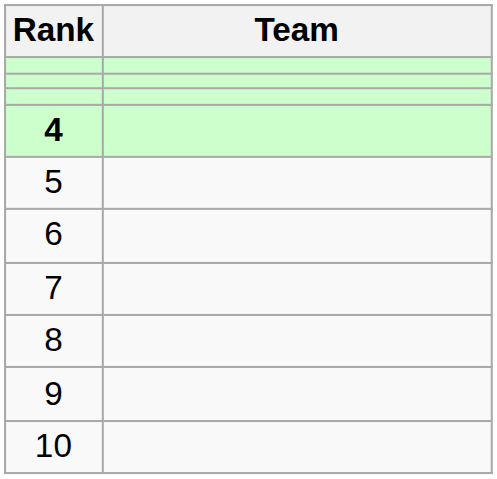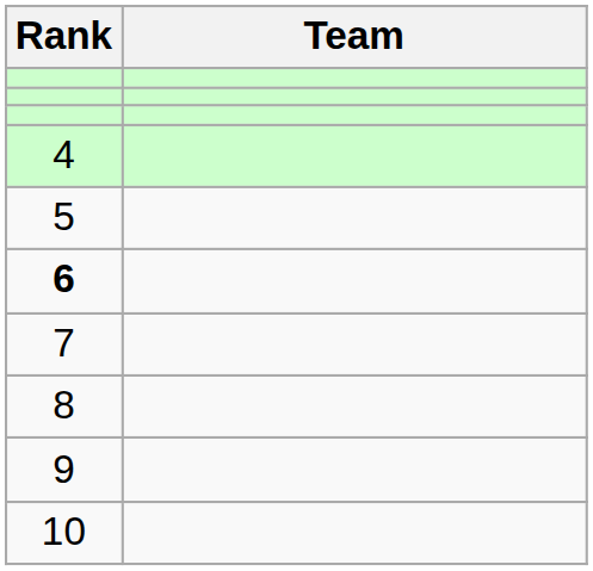 <table class=wikitable style="text-align:center;">
 <tr>
 <th>Rank</th>
 <th width=180>Team</th>
 </tr>
 <tr bgcolor=#ccffcc>
 <td></td>
 <td align=left></td>
 </tr>
 <tr bgcolor=#ccffcc>
 <td></td>
 <td align=left></td>
 </tr>
 <tr bgcolor=#ccffcc>
 <td></td>
 <td align=left></td>
 </tr>
 <tr bgcolor=#ccffcc>
-<td><strong>4</strong></td>
+<td>4</td>
 <td align=left></td>
 </tr>
 <tr>
 <td>5</td>
 <td align=left></td>
 </tr>
 <tr>
-<td>6</td>
+<td><strong>6</strong></td>
 <td align=left></td>
 </tr>
 <tr>
 <td>7</td>
 <td align=left></td>
 </tr>
 <tr>
 <td>8</td>
 <td align=left></td>
 </tr>
 <tr>
 <td>9</td>
 <td align=left></td>
 </tr>
 <tr>
 <td>10</td>
 <td align=left></td>
 </tr>
 </table>
